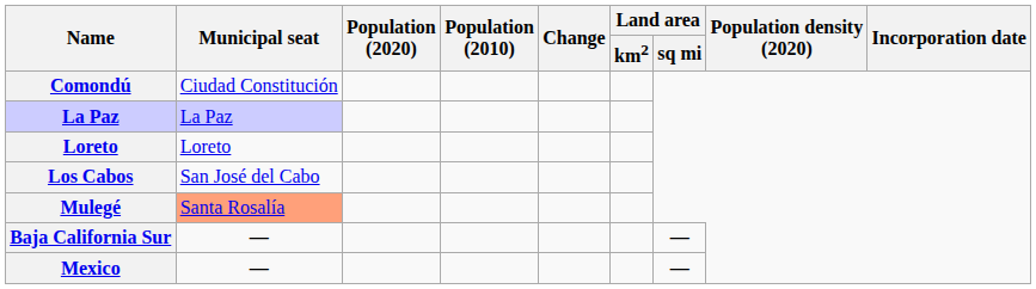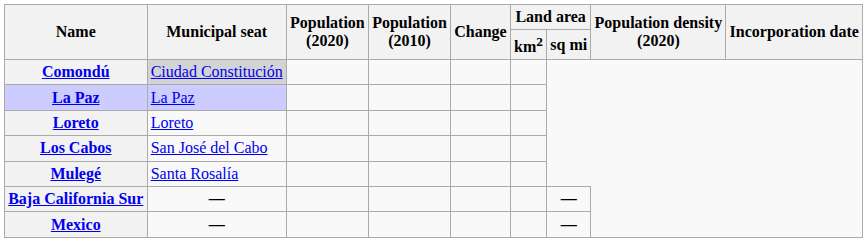 <table class="wikitable sortable" style="text-align:right;">
 <tr>
 </tr>
 <tr>
 <th scope="col"  rowspan=2>Name</th>
 <th scope="col"  rowspan=2>Municipal seat</th>
 <th scope="col"  rowspan=2>Population<br>(2020)</th>
 <th scope="col"  rowspan=2>Population<br>(2010)</th>
 <th scope="col"  rowspan=2>Change</th>
 <th scope="col" data-sort-type="number"  colspan=2>Land area</th>
 <th scope="col" data-sort-type="number"  rowspan=2>Population density<br>(2020)</th>
 <th scope="col"  rowspan=2>Incorporation date</th>
 </tr>
 <tr>
 <th scope="col">km<sup>2</sup></th>
 <th scope="col">sq mi</th>
 </tr>
 <tr>
 <th scope="row" align="left"><a href='#'>Comondú</a></th>
-<td align=left><a href='#'>Ciudad Constitución</a></td>
+<td align=left style="background: lightgrey;"><a href='#'>Ciudad Constitución</a></td>
 <td></td>
 <td></td>
 <td></td>
 <td></td>
 </tr>
 <tr>
 <th scope="row" align="left"  style="background:#CCF;"><a href='#'>La Paz</a></th>
 <td align=left style="background:#CCF;"><a href='#'>La Paz</a></td>
 <td></td>
 <td></td>
 <td></td>
 <td></td>
 </tr>
 <tr>
 <th scope="row" align="left"><a href='#'>Loreto</a></th>
 <td align=left><a href='#'>Loreto</a></td>
 <td></td>
 <td></td>
 <td></td>
 <td></td>
 </tr>
 <tr>
 <th scope="row" align="left"><a href='#'>Los Cabos</a></th>
 <td align=left><a href='#'>San José del Cabo</a></td>
 <td></td>
 <td></td>
 <td></td>
 <td></td>
 </tr>
 <tr>
 <th scope="row" align="left"><a href='#'>Mulegé</a></th>
-<td align=left style="background: lightsalmon;"><a href='#'>Santa Rosalía</a></td>
+<td align=left><a href='#'>Santa Rosalía</a></td>
 <td></td>
 <td></td>
 <td></td>
 <td></td>
 </tr>
 <tr>
 </tr>
 <tr class="sortbottom" style="text-align:center;" style="background: #f2f2f2;">
 <th scope="row" align="left"><strong><a href='#'>Baja California Sur</a></strong></th>
 <td><strong>—</strong></td>
 <td></td>
 <td><strong></strong></td>
 <td><strong></strong></td>
 <td align="right"><strong></strong></td>
 <td><strong>—</strong></td>
 </tr>
 <tr class="sortbottom" style="text-align:center;" style="background: #f2f2f2;">
 <th scope="row" align="left"><strong><a href='#'>Mexico</a></strong></th>
 <td><strong>—</strong></td>
 <td></td>
 <td><strong></strong></td>
 <td><strong></strong></td>
 <td align="right"><strong></strong></td>
 <td><strong>—</strong></td>
 </tr>
 </table>
